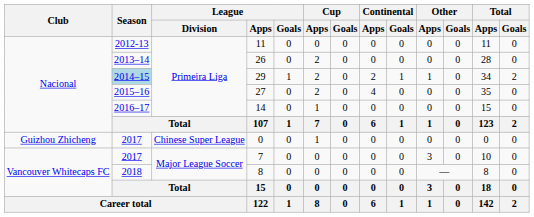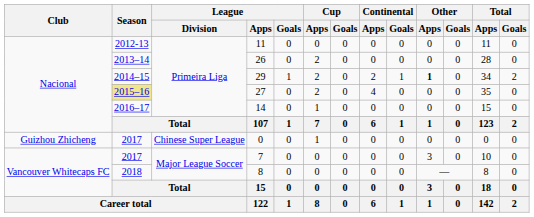 <table class="wikitable" style="text-align:center">
 <tr>
 <th rowspan="2">Club</th>
 <th rowspan="2">Season</th>
 <th colspan="3">League</th>
 <th colspan="2">Cup</th>
 <th colspan="2">Continental</th>
 <th colspan="2">Other</th>
 <th colspan="2">Total</th>
 </tr>
 <tr>
 <th>Division</th>
 <th>Apps</th>
 <th>Goals</th>
 <th>Apps</th>
 <th>Goals</th>
 <th>Apps</th>
 <th>Goals</th>
 <th>Apps</th>
 <th>Goals</th>
 <th>Apps</th>
 <th>Goals</th>
 </tr>
 <tr>
 <td Rowspan="6"><a href='#'>Nacional</a></td>
 <td><a href='#'>2012-13</a></td>
 <td Rowspan="5"><a href='#'>Primeira Liga</a></td>
 <td>11</td>
 <td>0</td>
 <td>0</td>
 <td>0</td>
 <td>0</td>
 <td>0</td>
 <td>0</td>
 <td>0</td>
 <td>11</td>
 <td>0</td>
 </tr>
 <tr>
 <td><a href='#'>2013–14</a></td>
 <td>26</td>
 <td>0</td>
 <td>2</td>
 <td>0</td>
 <td>0</td>
 <td>0</td>
 <td>0</td>
 <td>0</td>
 <td>28</td>
 <td>0</td>
 </tr>
 <tr>
-<td style="background: lightblue;"><a href='#'>2014–15</a></td>
+<td><a href='#'>2014–15</a></td>
 <td>29</td>
 <td>1</td>
 <td>2</td>
 <td>0</td>
 <td>2</td>
 <td>1</td>
-<td>1</td>
+<td><strong>1</strong></td>
 <td>0</td>
 <td>34</td>
 <td>2</td>
 </tr>
 <tr>
-<td><a href='#'>2015–16</a></td>
+<td style="background: khaki;"><a href='#'>2015–16</a></td>
 <td>27</td>
 <td>0</td>
 <td>2</td>
 <td>0</td>
 <td>4</td>
 <td>0</td>
 <td>0</td>
 <td>0</td>
 <td>35</td>
 <td>0</td>
 </tr>
 <tr>
 <td><a href='#'>2016–17</a></td>
 <td>14</td>
 <td>0</td>
 <td>1</td>
 <td>0</td>
 <td>0</td>
 <td>0</td>
 <td>0</td>
 <td>0</td>
 <td>15</td>
 <td>0</td>
 </tr>
 <tr>
 <th colspan="2">Total</th>
 <th>107</th>
 <th>1</th>
 <th>7</th>
 <th>0</th>
 <th>6</th>
 <th>1</th>
 <th>1</th>
 <th>0</th>
 <th>123</th>
 <th>2</th>
 </tr>
 <tr>
 <td><a href='#'>Guizhou Zhicheng</a></td>
 <td><a href='#'>2017</a></td>
 <td><a href='#'>Chinese Super League</a></td>
 <td>0</td>
 <td>0</td>
 <td>1</td>
 <td>0</td>
 <td>0</td>
 <td>0</td>
 <td>0</td>
 <td>0</td>
 <td>0</td>
 <td>0</td>
 </tr>
 <tr>
 <td rowspan="3"><a href='#'>Vancouver Whitecaps FC</a></td>
 <td><a href='#'>2017</a></td>
 <td rowspan="2"><a href='#'>Major League Soccer</a></td>
 <td>7</td>
 <td>0</td>
 <td>0</td>
 <td>0</td>
 <td>0</td>
 <td>0</td>
 <td>3</td>
 <td>0</td>
 <td>10</td>
 <td>0</td>
 </tr>
 <tr>
 <td><a href='#'>2018</a></td>
 <td>8</td>
 <td>0</td>
 <td>0</td>
 <td>0</td>
 <td>0</td>
 <td>0</td>
 <td colspan="2">—</td>
 <td>8</td>
 <td>0</td>
 </tr>
 <tr>
 <th colspan="2">Total</th>
 <th>15</th>
 <th>0</th>
 <th>0</th>
 <th>0</th>
 <th>0</th>
 <th>0</th>
 <th>3</th>
 <th>0</th>
 <th>18</th>
 <th>0</th>
 </tr>
 <tr>
 <th colspan="3">Career total</th>
 <th>122</th>
 <th>1</th>
 <th>8</th>
 <th>0</th>
 <th>6</th>
 <th>1</th>
 <th>1</th>
 <th>0</th>
 <th>142</th>
 <th>2</th>
 </tr>
 </table>
